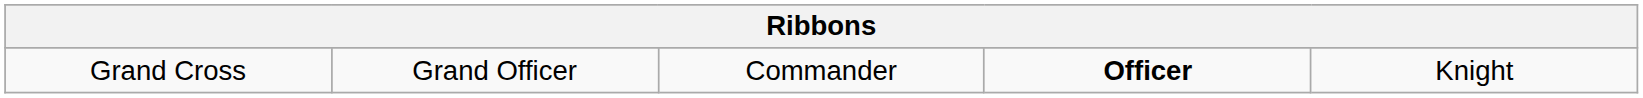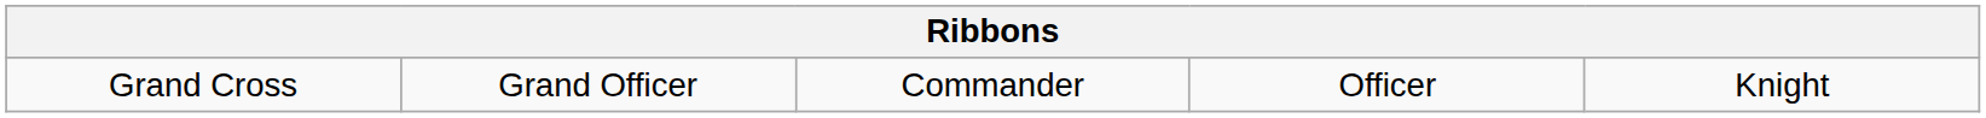 <table class="wikitable" style="width:60%; margin:auto;">
 <tr>
 <th colspan=5>Ribbons</th>
 </tr>
 <tr>
 <td width=20% valign=center align=center> Grand Cross<br><small></small></td>
 <td width=20% valign=center align=center> Grand Officer<br><small></small></td>
 <td width=20% valign=center align=center> Commander<br><small></small></td>
-<td width=20% valign=center align=center><strong> Officer<br><small></small></strong></td>
+<td width=20% valign=center align=center> Officer<br><small></small></td>
 <td width=20% valign=center align=center>Knight<br><small></small></td>
 </tr>
 </table>
